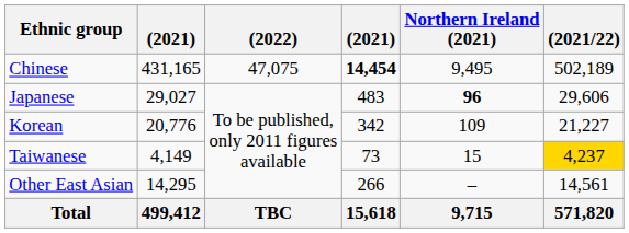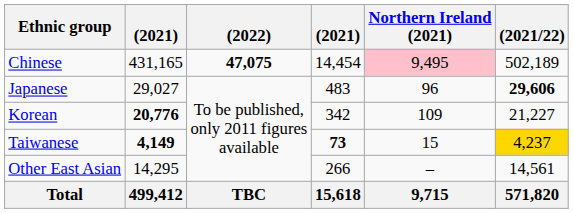 <table class="wikitable sortable" style="text-align:center">
 <tr>
 <th class="unsortable">Ethnic group</th>
 <th><br> (2021)</th>
 <th> <br> (2022)</th>
 <th> <br> (2021)</th>
 <th><a href='#'>Northern Ireland</a> <br> (2021)</th>
 <th><br> (2021/22)</th>
 </tr>
 <tr>
 <td style="text-align:left;"><a href='#'>Chinese</a></td>
 <td>431,165</td>
-<td>47,075</td>
-<td><strong>14,454</strong></td>
-<td>9,495</td>
+<td><strong>47,075</strong></td>
+<td>14,454</td>
+<td style="background: pink;">9,495</td>
 <td>502,189</td>
 </tr>
 <tr>
 <td style="text-align:left;"><a href='#'>Japanese</a></td>
 <td>29,027</td>
 <td rowspan="4">To be published,<br> only 2011 figures<br> available</td>
 <td>483</td>
-<td><strong>96</strong></td>
-<td>29,606</td>
+<td>96</td>
+<td><strong>29,606</strong></td>
 </tr>
 <tr>
 <td style="text-align:left;"><a href='#'>Korean</a></td>
-<td>20,776</td>
+<td><strong>20,776</strong></td>
 <td>342</td>
 <td>109</td>
 <td>21,227</td>
 </tr>
 <tr>
 <td style="text-align:left;"><a href='#'>Taiwanese</a></td>
-<td>4,149</td>
-<td>73</td>
+<td><strong>4,149</strong></td>
+<td><strong>73</strong></td>
 <td>15</td>
 <td style="background: gold;">4,237</td>
 </tr>
 <tr>
 <td style="text-align:left;"><a href='#'>Other East Asian</a></td>
 <td>14,295</td>
 <td>266</td>
 <td>–</td>
 <td>14,561</td>
 </tr>
 <tr>
 <th>Total</th>
 <th>499,412</th>
 <th>TBC</th>
 <th>15,618</th>
 <th>9,715</th>
 <th>571,820</th>
 </tr>
 </table>
